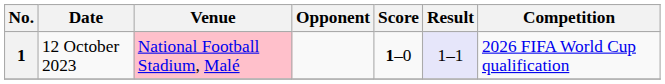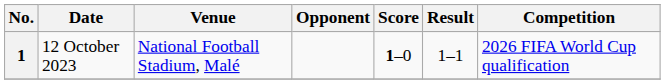 <table class="wikitable sortable plainrowheaders">
 <tr>
 <th scope=col>No.</th>
 <th scope=col data-sort-type=date>Date</th>
 <th scope=col>Venue</th>
 <th scope=col>Opponent</th>
 <th scope=col>Score</th>
 <th scope=col>Result</th>
 <th scope=col>Competition</th>
 </tr>
 <tr>
 <th scope=row>1</th>
 <td>12 October 2023</td>
-<td style="background: pink;"><a href='#'>National Football Stadium</a>, <a href='#'>Malé</a></td>
+<td><a href='#'>National Football Stadium</a>, <a href='#'>Malé</a></td>
 <td></td>
 <td align=center><strong>1</strong>–0</td>
-<td align=center style="background: lavender;">1–1</td>
+<td align=center>1–1</td>
 <td><a href='#'>2026 FIFA World Cup qualification</a></td>
 </tr>
 <tr>
 </tr>
 </table>
